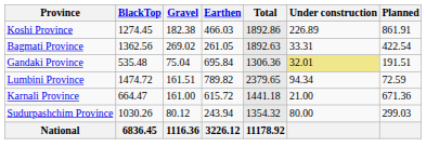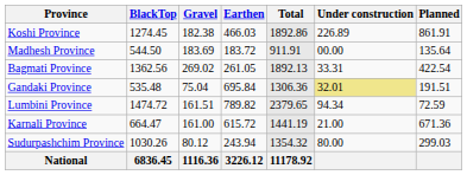 <table class="wikitable">
 <tr>
 <th>Province</th>
 <th><a href='#'>BlackTop</a></th>
 <th><a href='#'>Gravel</a></th>
 <th><a href='#'>Earthen</a></th>
 <th>Total</th>
 <th>Under construction</th>
 <th>Planned</th>
 </tr>
 <tr>
 <td><a href='#'>Koshi Province</a></td>
 <td>1274.45</td>
 <td>182.38</td>
 <td>466.03</td>
 <td style="background:#E8E8E8;">1892.86</td>
 <td>226.89</td>
 <td>861.91</td>
 </tr>
 <tr>
+<td><a href='#'>Madhesh Province</a></td>
+<td>544.50</td>
+<td>183.69</td>
+<td>183.72</td>
+<td style="background:#E8E8E8;">911.91</td>
+<td>00.00</td>
+<td>135.64</td>
+</tr>
+<tr>
 <td><a href='#'>Bagmati Province</a></td>
 <td>1362.56</td>
 <td>269.02</td>
 <td>261.05</td>
-<td style="background:#E8E8E8;">1892.63</td>
+<td style="background:#E8E8E8;">1892.13</td>
 <td>33.31</td>
 <td>422.54</td>
 </tr>
 <tr>
 <td><a href='#'>Gandaki Province</a></td>
 <td>535.48</td>
 <td>75.04</td>
 <td>695.84</td>
 <td style="background:#E8E8E8;">1306.36</td>
 <td style="background: khaki;">32.01</td>
 <td>191.51</td>
 </tr>
 <tr>
 <td><a href='#'>Lumbini Province</a></td>
 <td>1474.72</td>
 <td>161.51</td>
 <td>789.82</td>
 <td style="background:#E8E8E8;">2379.65</td>
 <td>94.34</td>
 <td>72.59</td>
 </tr>
 <tr>
 <td><a href='#'>Karnali Province</a></td>
 <td>664.47</td>
 <td>161.00</td>
 <td>615.72</td>
-<td style="background:#E8E8E8;">1441.18</td>
+<td style="background:#E8E8E8;">1441.19</td>
 <td>21.00</td>
 <td>671.36</td>
 </tr>
 <tr>
 <td><a href='#'>Sudurpashchim Province</a></td>
 <td>1030.26</td>
 <td>80.12</td>
 <td>243.94</td>
 <td style="background:#E8E8E8;">1354.32</td>
 <td>80.00</td>
 <td>299.03</td>
 </tr>
 <tr>
 <th>National</th>
 <th>6836.45</th>
 <th>1116.36</th>
 <th>3226.12</th>
 <th>11178.92</th>
 <th></th>
 <th></th>
 </tr>
 </table>
